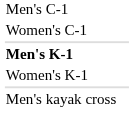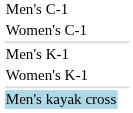 <table>
 <tr>
 <td>Men's C-1<br></td>
 <td></td>
 <td></td>
 <td></td>
 </tr>
 <tr>
 <td>Women's C-1<br></td>
 <td></td>
 <td></td>
 <td></td>
 </tr>
 <tr bgcolor=#DDDDDD>
 <td colspan=7></td>
 </tr>
 <tr>
-<td><strong>Men's K-1<br></strong></td>
+<td>Men's K-1<br></td>
 <td></td>
 <td></td>
 <td></td>
 </tr>
 <tr>
 <td>Women's K-1<br></td>
 <td></td>
 <td></td>
 <td></td>
 </tr>
 <tr bgcolor=#DDDDDD>
 <td colspan=7></td>
 </tr>
 <tr>
-<td>Men's kayak cross<br></td>
+<td style="background: lightblue;">Men's kayak cross<br></td>
 <td></td>
 <td></td>
 <td></td>
 </tr>
 <tr>
 <td><br></td>
 <td></td>
 <td></td>
 <td></td>
 </tr>
 </table>
